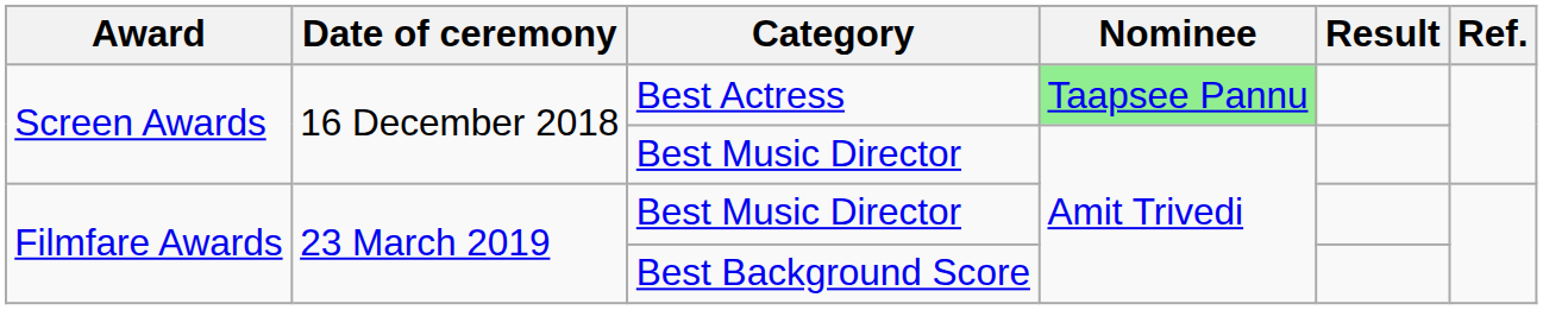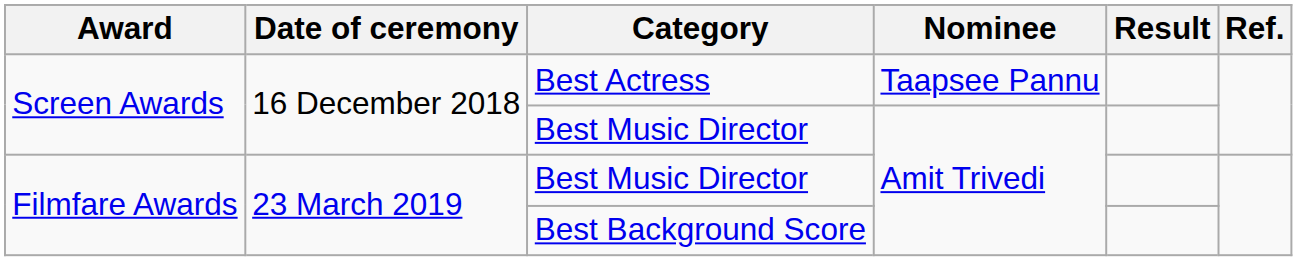 <table class="wikitable plainrowheaders sortable">
 <tr>
 <th>Award</th>
 <th>Date of ceremony</th>
 <th>Category</th>
 <th>Nominee</th>
 <th>Result</th>
 <th>Ref.</th>
 </tr>
 <tr>
 <td rowspan="2"><a href='#'>Screen Awards</a></td>
 <td rowspan="2">16 December 2018</td>
 <td><a href='#'>Best Actress</a></td>
-<td style="background: lightgreen;"><a href='#'>Taapsee Pannu</a></td>
+<td><a href='#'>Taapsee Pannu</a></td>
 <td></td>
 <td rowspan="2"></td>
 </tr>
 <tr>
 <td><a href='#'>Best Music Director</a></td>
 <td rowspan="3"><a href='#'>Amit Trivedi</a></td>
 <td></td>
 </tr>
 <tr>
 <td rowspan="2"><a href='#'>Filmfare Awards</a></td>
 <td rowspan="2"><a href='#'>23 March 2019</a></td>
 <td><a href='#'>Best Music Director</a></td>
 <td></td>
 <td rowspan="2"></td>
 </tr>
 <tr>
 <td><a href='#'>Best Background Score</a></td>
 <td></td>
 </tr>
 </table>
